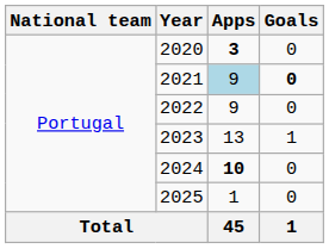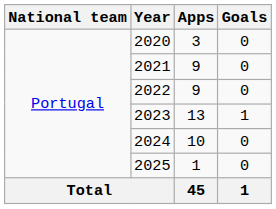 <table class="wikitable" style="text-align:center">
 <tr>
 <th>National team</th>
 <th>Year</th>
 <th>Apps</th>
 <th>Goals</th>
 </tr>
 <tr>
 <td rowspan="6"><a href='#'>Portugal</a></td>
 <td>2020</td>
-<td><strong>3</strong></td>
+<td>3</td>
 <td>0</td>
 </tr>
 <tr>
 <td>2021</td>
-<td style="background: lightblue;">9</td>
-<td><strong>0</strong></td>
+<td>9</td>
+<td>0</td>
 </tr>
 <tr>
 <td>2022</td>
 <td>9</td>
 <td>0</td>
 </tr>
 <tr>
 <td>2023</td>
 <td>13</td>
 <td>1</td>
 </tr>
 <tr>
 <td>2024</td>
-<td><strong>10</strong></td>
+<td>10</td>
 <td>0</td>
 </tr>
 <tr>
 <td>2025</td>
 <td>1</td>
 <td>0</td>
 </tr>
 <tr>
 <th colspan="2">Total</th>
 <th>45</th>
 <th>1</th>
 </tr>
 </table>
